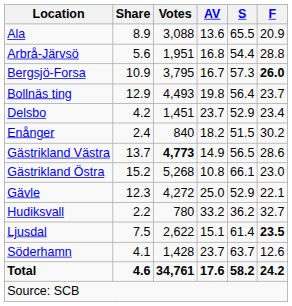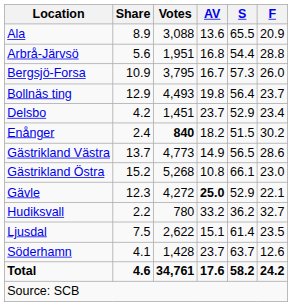 <table class="wikitable sortable" style=text-align:right>
 <tr>
 <th>Location</th>
 <th>Share</th>
 <th>Votes</th>
 <th><a href='#'>AV</a></th>
 <th><a href='#'>S</a></th>
 <th><a href='#'>F</a></th>
 </tr>
 <tr>
 <td align=left><a href='#'>Ala</a></td>
 <td>8.9</td>
 <td>3,088</td>
 <td>13.6</td>
 <td>65.5</td>
 <td>20.9</td>
 </tr>
 <tr>
 <td align=left><a href='#'>Arbrå-Järvsö</a></td>
 <td>5.6</td>
 <td>1,951</td>
 <td>16.8</td>
 <td>54.4</td>
 <td>28.8</td>
 </tr>
 <tr>
 <td align=left><a href='#'>Bergsjö-Forsa</a></td>
 <td>10.9</td>
 <td>3,795</td>
 <td>16.7</td>
 <td>57.3</td>
-<td><strong>26.0</strong></td>
+<td>26.0</td>
 </tr>
 <tr>
 <td align=left><a href='#'>Bollnäs ting</a></td>
 <td>12.9</td>
 <td>4,493</td>
 <td>19.8</td>
 <td>56.4</td>
 <td>23.7</td>
 </tr>
 <tr>
 <td align=left><a href='#'>Delsbo</a></td>
 <td>4.2</td>
 <td>1,451</td>
 <td>23.7</td>
 <td>52.9</td>
 <td>23.4</td>
 </tr>
 <tr>
 <td align=left><a href='#'>Enånger</a></td>
 <td>2.4</td>
-<td>840</td>
+<td><strong>840</strong></td>
 <td>18.2</td>
 <td>51.5</td>
 <td>30.2</td>
 </tr>
 <tr>
 <td align=left><a href='#'>Gästrikland Västra</a></td>
 <td>13.7</td>
-<td><strong>4,773</strong></td>
+<td>4,773</td>
 <td>14.9</td>
 <td>56.5</td>
 <td>28.6</td>
 </tr>
 <tr>
 <td align=left><a href='#'>Gästrikland Östra</a></td>
 <td>15.2</td>
 <td>5,268</td>
 <td>10.8</td>
 <td>66.1</td>
 <td>23.0</td>
 </tr>
 <tr>
 <td align=left><a href='#'>Gävle</a></td>
 <td>12.3</td>
 <td>4,272</td>
-<td>25.0</td>
+<td><strong>25.0</strong></td>
 <td>52.9</td>
 <td>22.1</td>
 </tr>
 <tr>
 <td align=left><a href='#'>Hudiksvall</a></td>
 <td>2.2</td>
 <td>780</td>
 <td>33.2</td>
 <td>36.2</td>
 <td>32.7</td>
 </tr>
 <tr>
 <td align=left><a href='#'>Ljusdal</a></td>
 <td>7.5</td>
 <td>2,622</td>
 <td>15.1</td>
 <td>61.4</td>
-<td><strong>23.5</strong></td>
+<td>23.5</td>
 </tr>
 <tr>
 <td align=left><a href='#'>Söderhamn</a></td>
 <td>4.1</td>
 <td>1,428</td>
 <td>23.7</td>
 <td>63.7</td>
 <td>12.6</td>
 </tr>
 <tr>
 <td align=left><strong>Total</strong></td>
 <td><strong>4.6</strong></td>
 <td><strong>34,761</strong></td>
 <td><strong>17.6</strong></td>
 <td><strong>58.2</strong></td>
 <td><strong>24.2</strong></td>
 </tr>
 <tr>
 <td align=left colspan=6>Source: SCB </td>
 </tr>
 </table>
